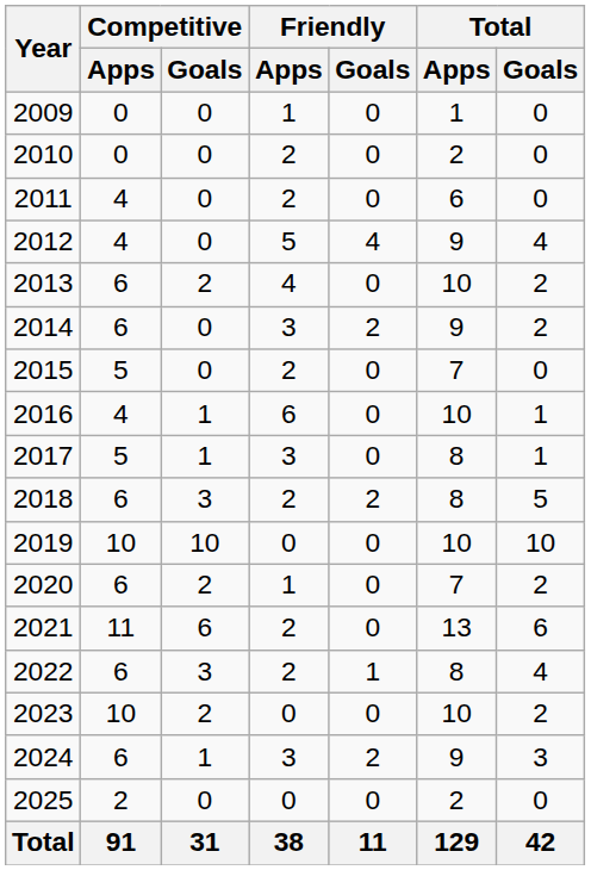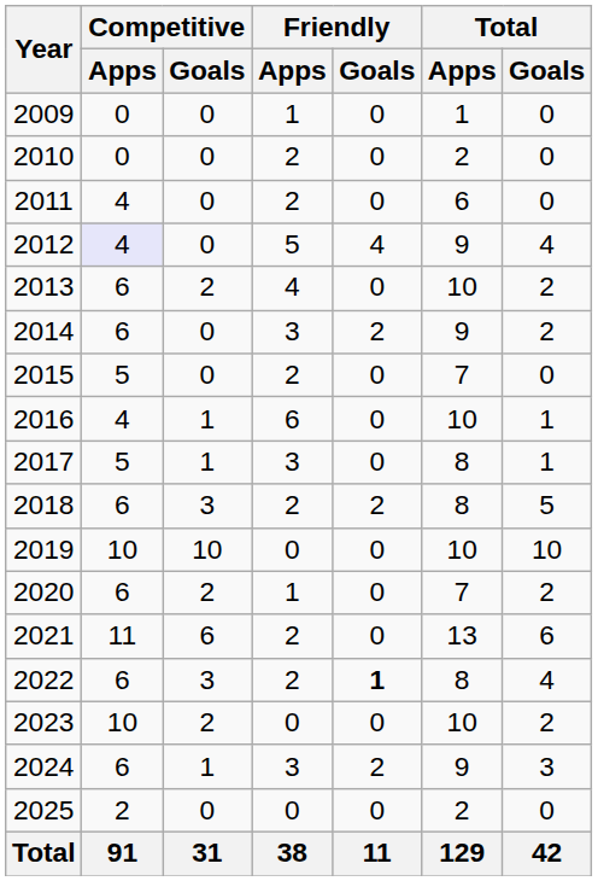 <table class="wikitable" style="text-align:center">
 <tr>
 <th rowspan="2">Year</th>
 <th colspan="2">Competitive</th>
 <th colspan="2">Friendly</th>
 <th colspan="2">Total</th>
 </tr>
 <tr>
 <th>Apps</th>
 <th>Goals</th>
 <th>Apps</th>
 <th>Goals</th>
 <th>Apps</th>
 <th>Goals</th>
 </tr>
 <tr>
 <td>2009</td>
 <td>0</td>
 <td>0</td>
 <td>1</td>
 <td>0</td>
 <td>1</td>
 <td>0</td>
 </tr>
 <tr>
 <td>2010</td>
 <td>0</td>
 <td>0</td>
 <td>2</td>
 <td>0</td>
 <td>2</td>
 <td>0</td>
 </tr>
 <tr>
 <td>2011</td>
 <td>4</td>
 <td>0</td>
 <td>2</td>
 <td>0</td>
 <td>6</td>
 <td>0</td>
 </tr>
 <tr>
 <td>2012</td>
-<td>4</td>
+<td style="background: lavender;">4</td>
 <td>0</td>
 <td>5</td>
 <td>4</td>
 <td>9</td>
 <td>4</td>
 </tr>
 <tr>
 <td>2013</td>
 <td>6</td>
 <td>2</td>
 <td>4</td>
 <td>0</td>
 <td>10</td>
 <td>2</td>
 </tr>
 <tr>
 <td>2014</td>
 <td>6</td>
 <td>0</td>
 <td>3</td>
 <td>2</td>
 <td>9</td>
 <td>2</td>
 </tr>
 <tr>
 <td>2015</td>
 <td>5</td>
 <td>0</td>
 <td>2</td>
 <td>0</td>
 <td>7</td>
 <td>0</td>
 </tr>
 <tr>
 <td>2016</td>
 <td>4</td>
 <td>1</td>
 <td>6</td>
 <td>0</td>
 <td>10</td>
 <td>1</td>
 </tr>
 <tr>
 <td>2017</td>
 <td>5</td>
 <td>1</td>
 <td>3</td>
 <td>0</td>
 <td>8</td>
 <td>1</td>
 </tr>
 <tr>
 <td>2018</td>
 <td>6</td>
 <td>3</td>
 <td>2</td>
 <td>2</td>
 <td>8</td>
 <td>5</td>
 </tr>
 <tr>
 <td>2019</td>
 <td>10</td>
 <td>10</td>
 <td>0</td>
 <td>0</td>
 <td>10</td>
 <td>10</td>
 </tr>
 <tr>
 <td>2020</td>
 <td>6</td>
 <td>2</td>
 <td>1</td>
 <td>0</td>
 <td>7</td>
 <td>2</td>
 </tr>
 <tr>
 <td>2021</td>
 <td>11</td>
 <td>6</td>
 <td>2</td>
 <td>0</td>
 <td>13</td>
 <td>6</td>
 </tr>
 <tr>
 <td>2022</td>
 <td>6</td>
 <td>3</td>
 <td>2</td>
-<td>1</td>
+<td><strong>1</strong></td>
 <td>8</td>
 <td>4</td>
 </tr>
 <tr>
 <td>2023</td>
 <td>10</td>
 <td>2</td>
 <td>0</td>
 <td>0</td>
 <td>10</td>
 <td>2</td>
 </tr>
 <tr>
 <td>2024</td>
 <td>6</td>
 <td>1</td>
 <td>3</td>
 <td>2</td>
 <td>9</td>
 <td>3</td>
 </tr>
 <tr>
 <td>2025</td>
 <td>2</td>
 <td>0</td>
 <td>0</td>
 <td>0</td>
 <td>2</td>
 <td>0</td>
 </tr>
 <tr>
 <th>Total</th>
 <th>91</th>
 <th>31</th>
 <th>38</th>
 <th>11</th>
 <th>129</th>
 <th>42</th>
 </tr>
 </table>
